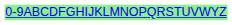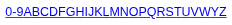 <table id="toc" class="toc" summary="Class">
 <tr>
 <th></th>
 </tr>
 <tr>
-<td style="background: lightgreen; text-align:center;"><a href='#'>0-9</a><a href='#'>A</a><a href='#'>B</a><a href='#'>C</a><a href='#'>D</a><a href='#'>F</a><a href='#'>G</a><a href='#'>H</a><a href='#'>I</a><a href='#'>J</a><a href='#'>K</a><a href='#'>L</a><a href='#'>M</a><a href='#'>N</a><a href='#'>O</a><a href='#'>P</a><a href='#'>Q</a><a href='#'>R</a><a href='#'>S</a><a href='#'>T</a><a href='#'>U</a><a href='#'>V</a><a href='#'>W</a><a href='#'>Y</a><a href='#'>Z</a></td>
+<td style="text-align:center;"><a href='#'>0-9</a><a href='#'>A</a><a href='#'>B</a><a href='#'>C</a><a href='#'>D</a><a href='#'>F</a><a href='#'>G</a><a href='#'>H</a><a href='#'>I</a><a href='#'>J</a><a href='#'>K</a><a href='#'>L</a><a href='#'>M</a><a href='#'>N</a><a href='#'>O</a><a href='#'>P</a><a href='#'>Q</a><a href='#'>R</a><a href='#'>S</a><a href='#'>T</a><a href='#'>U</a><a href='#'>V</a><a href='#'>W</a><a href='#'>Y</a><a href='#'>Z</a></td>
 </tr>
 </table>
